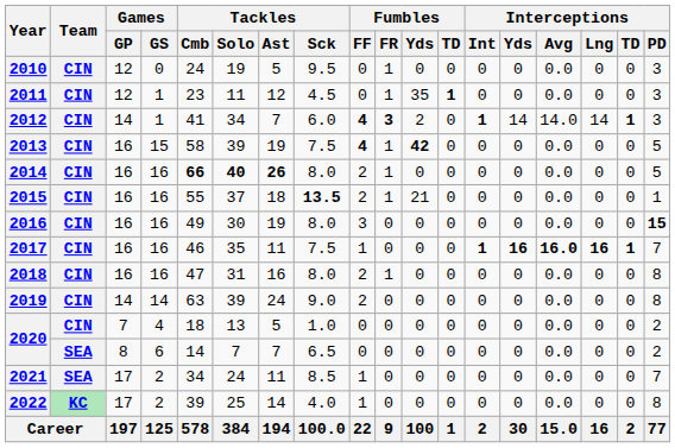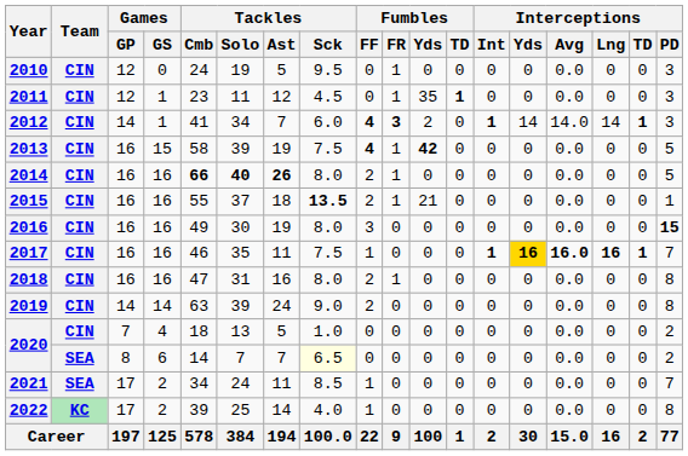 <table class="wikitable" style="text-align:center;">
 <tr>
 <th rowspan="2">Year</th>
 <th rowspan="2">Team</th>
 <th colspan="2">Games</th>
 <th colspan="4">Tackles</th>
 <th colspan="4">Fumbles</th>
 <th colspan="6">Interceptions</th>
 </tr>
 <tr>
 <th>GP</th>
 <th>GS</th>
 <th>Cmb</th>
 <th>Solo</th>
 <th>Ast</th>
 <th>Sck</th>
 <th>FF</th>
 <th>FR</th>
 <th>Yds</th>
 <th>TD</th>
 <th>Int</th>
 <th>Yds</th>
 <th>Avg</th>
 <th>Lng</th>
 <th>TD</th>
 <th>PD</th>
 </tr>
 <tr>
 <th><a href='#'>2010</a></th>
 <th><a href='#'>CIN</a></th>
 <td>12</td>
 <td>0</td>
 <td>24</td>
 <td>19</td>
 <td>5</td>
 <td>9.5</td>
 <td>0</td>
 <td>1</td>
 <td>0</td>
 <td>0</td>
 <td>0</td>
 <td>0</td>
 <td>0.0</td>
 <td>0</td>
 <td>0</td>
 <td>3</td>
 </tr>
 <tr>
 <th><a href='#'>2011</a></th>
 <th><a href='#'>CIN</a></th>
 <td>12</td>
 <td>1</td>
 <td>23</td>
 <td>11</td>
 <td>12</td>
 <td>4.5</td>
 <td>0</td>
 <td>1</td>
 <td>35</td>
 <td><strong>1</strong></td>
 <td>0</td>
 <td>0</td>
 <td>0.0</td>
 <td>0</td>
 <td>0</td>
 <td>3</td>
 </tr>
 <tr>
 <th><a href='#'>2012</a></th>
 <th><a href='#'>CIN</a></th>
 <td>14</td>
 <td>1</td>
 <td>41</td>
 <td>34</td>
 <td>7</td>
 <td>6.0</td>
 <td><strong>4</strong></td>
 <td><strong>3</strong></td>
 <td>2</td>
 <td>0</td>
 <td><strong>1</strong></td>
 <td>14</td>
 <td>14.0</td>
 <td>14</td>
 <td><strong>1</strong></td>
 <td>3</td>
 </tr>
 <tr>
 <th><a href='#'>2013</a></th>
 <th><a href='#'>CIN</a></th>
 <td>16</td>
 <td>15</td>
 <td>58</td>
 <td>39</td>
 <td>19</td>
 <td>7.5</td>
 <td><strong>4</strong></td>
 <td>1</td>
 <td><strong>42</strong></td>
 <td>0</td>
 <td>0</td>
 <td>0</td>
 <td>0.0</td>
 <td>0</td>
 <td>0</td>
 <td>5</td>
 </tr>
 <tr>
 <th><a href='#'>2014</a></th>
 <th><a href='#'>CIN</a></th>
 <td>16</td>
 <td>16</td>
 <td><strong>66</strong></td>
 <td><strong>40</strong></td>
 <td><strong>26</strong></td>
 <td>8.0</td>
 <td>2</td>
 <td>1</td>
 <td>0</td>
 <td>0</td>
 <td>0</td>
 <td>0</td>
 <td>0.0</td>
 <td>0</td>
 <td>0</td>
 <td>5</td>
 </tr>
 <tr>
 <th><a href='#'>2015</a></th>
 <th><a href='#'>CIN</a></th>
 <td>16</td>
 <td>16</td>
 <td>55</td>
 <td>37</td>
 <td>18</td>
 <td><strong>13.5</strong></td>
 <td>2</td>
 <td>1</td>
 <td>21</td>
 <td>0</td>
 <td>0</td>
 <td>0</td>
 <td>0.0</td>
 <td>0</td>
 <td>0</td>
 <td>1</td>
 </tr>
 <tr>
 <th><a href='#'>2016</a></th>
 <th><a href='#'>CIN</a></th>
 <td>16</td>
 <td>16</td>
 <td>49</td>
 <td>30</td>
 <td>19</td>
 <td>8.0</td>
 <td>3</td>
 <td>0</td>
 <td>0</td>
 <td>0</td>
 <td>0</td>
 <td>0</td>
 <td>0.0</td>
 <td>0</td>
 <td>0</td>
 <td><strong>15</strong></td>
 </tr>
 <tr>
 <th><a href='#'>2017</a></th>
 <th><a href='#'>CIN</a></th>
 <td>16</td>
 <td>16</td>
 <td>46</td>
 <td>35</td>
 <td>11</td>
 <td>7.5</td>
 <td>1</td>
 <td>0</td>
 <td>0</td>
 <td>0</td>
 <td><strong>1</strong></td>
-<td><strong>16</strong></td>
+<td style="background: gold;"><strong>16</strong></td>
 <td><strong>16.0</strong></td>
 <td><strong>16</strong></td>
 <td><strong>1</strong></td>
 <td>7</td>
 </tr>
 <tr>
 <th><a href='#'>2018</a></th>
 <th><a href='#'>CIN</a></th>
 <td>16</td>
 <td>16</td>
 <td>47</td>
 <td>31</td>
 <td>16</td>
 <td>8.0</td>
 <td>2</td>
 <td>1</td>
 <td>0</td>
 <td>0</td>
 <td>0</td>
 <td>0</td>
 <td>0.0</td>
 <td>0</td>
 <td>0</td>
 <td>8</td>
 </tr>
 <tr>
 <th><a href='#'>2019</a></th>
 <th><a href='#'>CIN</a></th>
 <td>14</td>
 <td>14</td>
 <td>63</td>
 <td>39</td>
 <td>24</td>
 <td>9.0</td>
 <td>2</td>
 <td>0</td>
 <td>0</td>
 <td>0</td>
 <td>0</td>
 <td>0</td>
 <td>0.0</td>
 <td>0</td>
 <td>0</td>
 <td>8</td>
 </tr>
 <tr>
 <th rowspan="2"><a href='#'>2020</a></th>
 <th><a href='#'>CIN</a></th>
 <td>7</td>
 <td>4</td>
 <td>18</td>
 <td>13</td>
 <td>5</td>
 <td>1.0</td>
 <td>0</td>
 <td>0</td>
 <td>0</td>
 <td>0</td>
 <td>0</td>
 <td>0</td>
 <td>0.0</td>
 <td>0</td>
 <td>0</td>
 <td>2</td>
 </tr>
 <tr>
 <th><a href='#'>SEA</a></th>
 <td>8</td>
 <td>6</td>
 <td>14</td>
 <td>7</td>
 <td>7</td>
-<td>6.5</td>
+<td style="background: lightyellow;">6.5</td>
 <td>0</td>
 <td>0</td>
 <td>0</td>
 <td>0</td>
 <td>0</td>
 <td>0</td>
 <td>0.0</td>
 <td>0</td>
 <td>0</td>
 <td>2</td>
 </tr>
 <tr>
 <th><a href='#'>2021</a></th>
 <th><a href='#'>SEA</a></th>
 <td>17</td>
 <td>2</td>
 <td>34</td>
 <td>24</td>
 <td>11</td>
 <td>8.5</td>
 <td>1</td>
 <td>0</td>
 <td>0</td>
 <td>0</td>
 <td>0</td>
 <td>0</td>
 <td>0.0</td>
 <td>0</td>
 <td>0</td>
 <td>7</td>
 </tr>
 <tr>
 <th><a href='#'>2022</a></th>
 <th style="background:#afe6ba; width:3em;"><a href='#'>KC</a></th>
 <td>17</td>
 <td>2</td>
 <td>39</td>
 <td>25</td>
 <td>14</td>
 <td>4.0</td>
 <td>1</td>
 <td>0</td>
 <td>0</td>
 <td>0</td>
 <td>0</td>
 <td>0</td>
 <td>0.0</td>
 <td>0</td>
 <td>0</td>
 <td>8</td>
 </tr>
 <tr>
 <th colspan="2">Career</th>
 <th>197</th>
 <th>125</th>
 <th>578</th>
 <th>384</th>
 <th>194</th>
 <th>100.0</th>
 <th>22</th>
 <th>9</th>
 <th>100</th>
 <th>1</th>
 <th>2</th>
 <th>30</th>
 <th>15.0</th>
 <th>16</th>
 <th>2</th>
 <th>77</th>
 </tr>
 </table>
